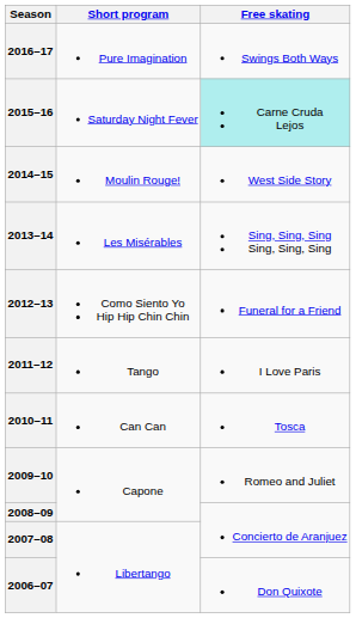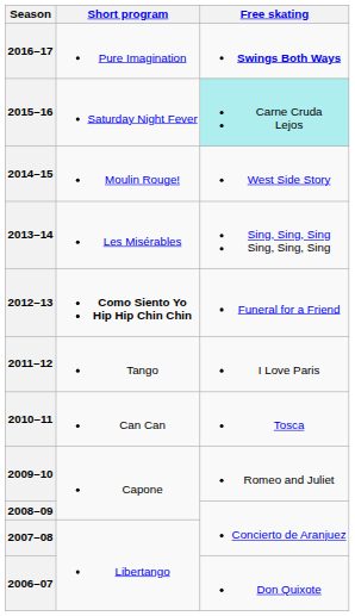 <table class="wikitable" style="text-align:center">
 <tr>
 <th>Season</th>
 <th><a href='#'>Short program</a></th>
 <th><a href='#'>Free skating</a></th>
 </tr>
 <tr>
 <th>2016–17 <br> </th>
 <td><br><ul><li><a href='#'>Pure Imagination</a> <br></li></ul></td>
-<td><br><ul><li><a href='#'>Swings Both Ways</a> <br></li></ul></td>
+<td><strong><br><ul><li><a href='#'>Swings Both Ways</a> <br></li></ul></strong></td>
 </tr>
 <tr>
 <th>2015–16 <br> </th>
 <td><br><ul><li><a href='#'>Saturday Night Fever</a> <br></li></ul></td>
 <td style="background: paleturquoise;"><br><ul><li>Carne Cruda <br></li><li>Lejos <br></li></ul></td>
 </tr>
 <tr>
 <th>2014–15 <br> </th>
 <td><br><ul><li><a href='#'>Moulin Rouge!</a> <br></li></ul></td>
 <td><br><ul><li><a href='#'>West Side Story</a> <br></li></ul></td>
 </tr>
 <tr>
 <th>2013–14 <br> </th>
 <td><br><ul><li><a href='#'>Les Misérables</a> <br></li></ul></td>
 <td><br><ul><li><a href='#'>Sing, Sing, Sing</a> <br></li><li>Sing, Sing, Sing <br></li></ul></td>
 </tr>
 <tr>
 <th>2012–13 <br> </th>
-<td><br><ul><li>Como Siento Yo</li><li>Hip Hip Chin Chin</li></ul></td>
+<td><strong><br><ul><li>Como Siento Yo</li><li>Hip Hip Chin Chin</li></ul></strong></td>
 <td><br><ul><li><a href='#'>Funeral for a Friend</a> <br></li></ul></td>
 </tr>
 <tr>
 <th>2011–12 <br> </th>
 <td><br><ul><li>Tango</li></ul></td>
 <td><br><ul><li>I Love Paris <br></li></ul></td>
 </tr>
 <tr>
 <th>2010–11 <br> </th>
 <td><br><ul><li>Can Can</li></ul></td>
 <td><br><ul><li><a href='#'>Tosca</a> <br></li></ul></td>
 </tr>
 <tr>
 <th>2009–10 <br> </th>
 <td rowspan="2"><br><ul><li>Capone <br></li></ul></td>
 <td><br><ul><li>Romeo and Juliet</li></ul></td>
 </tr>
 <tr>
 <th>2008–09 <br> </th>
 <td rowspan="2"><br><ul><li><a href='#'>Concierto de Aranjuez</a> <br></li></ul></td>
 </tr>
 <tr>
 <th>2007–08 <br> </th>
 <td rowspan="2"><br><ul><li><a href='#'>Libertango</a> <br></li></ul></td>
 </tr>
 <tr>
 <th>2006–07 <br> </th>
 <td><br><ul><li><a href='#'>Don Quixote</a> <br></li></ul></td>
 </tr>
 </table>
